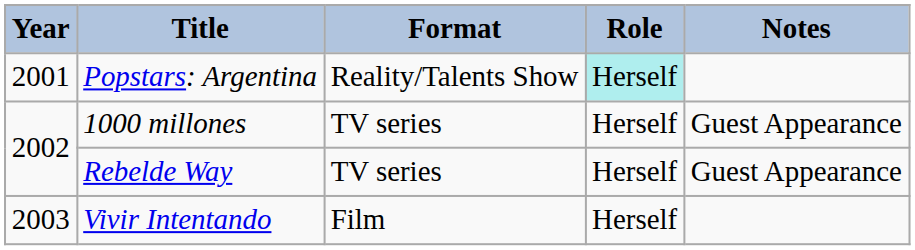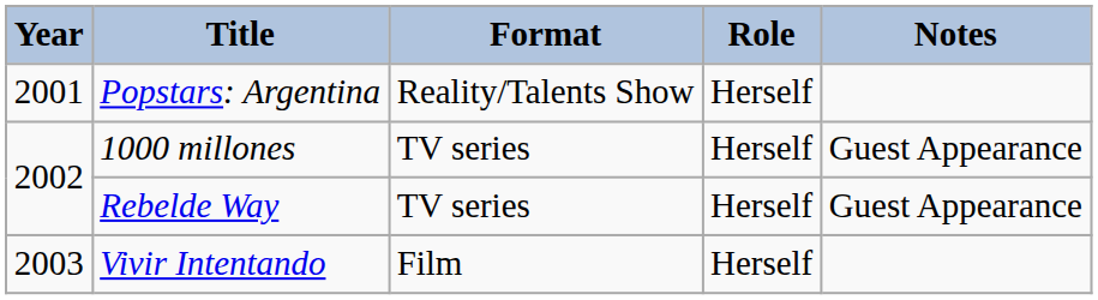 <table class="wikitable" style="font-size:90%;">
 <tr>
 <th style="background:#B0C4DE;">Year</th>
 <th style="background:#B0C4DE;">Title</th>
 <th style="background:#B0C4DE;">Format</th>
 <th style="background:#B0C4DE;">Role</th>
 <th style="background:#B0C4DE;">Notes</th>
 </tr>
 <tr>
 <td>2001</td>
 <td><em><a href='#'>Popstars</a>: Argentina</em></td>
 <td>Reality/Talents Show</td>
-<td style="background: paleturquoise;">Herself</td>
+<td>Herself</td>
 <td></td>
 </tr>
 <tr>
 <td rowspan="2">2002</td>
 <td><em>1000 millones</em></td>
 <td>TV series</td>
 <td>Herself</td>
 <td>Guest Appearance</td>
 </tr>
 <tr>
 <td><em><a href='#'>Rebelde Way</a></em></td>
 <td>TV series</td>
 <td>Herself</td>
 <td>Guest Appearance</td>
 </tr>
 <tr>
 <td>2003</td>
 <td><em><a href='#'>Vivir Intentando</a></em></td>
 <td>Film</td>
 <td>Herself</td>
 <td></td>
 </tr>
 </table>
